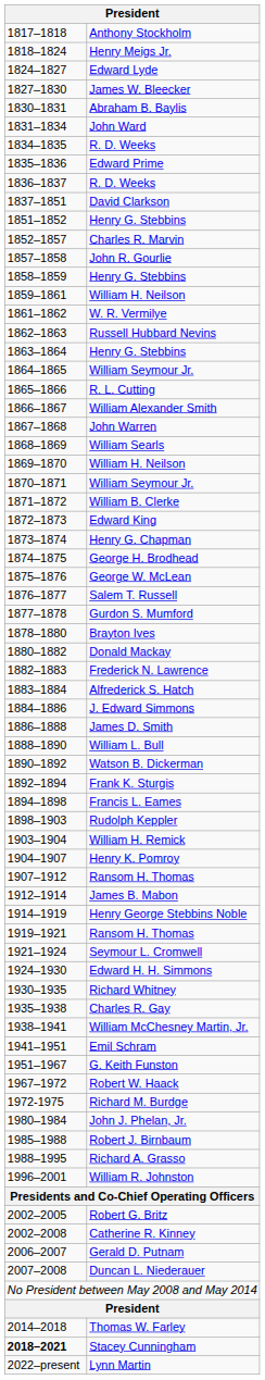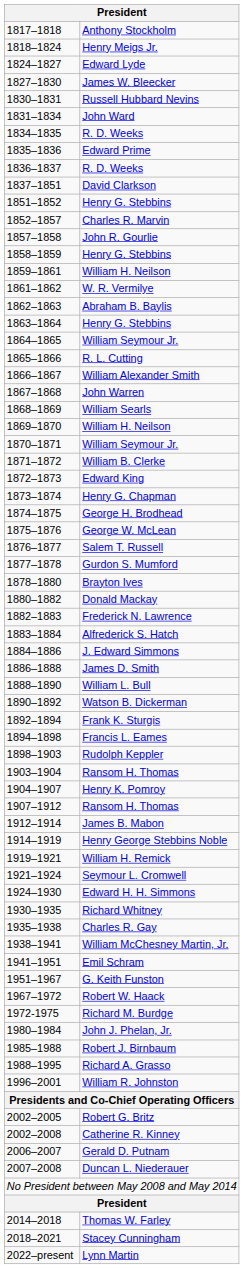 <table class="wikitable">
 <tr>
 <th colspan="2">President</th>
 </tr>
 <tr>
 <td>1817–1818</td>
 <td><a href='#'>Anthony Stockholm</a></td>
 </tr>
 <tr>
 <td>1818–1824</td>
 <td><a href='#'>Henry Meigs Jr.</a></td>
 </tr>
 <tr>
 <td>1824–1827</td>
 <td><a href='#'>Edward Lyde</a></td>
 </tr>
 <tr>
 <td>1827–1830</td>
 <td><a href='#'>James W. Bleecker</a></td>
 </tr>
 <tr>
 <td>1830–1831</td>
-<td><a href='#'>Abraham B. Baylis</a></td>
+<td><a href='#'>Russell Hubbard Nevins</a></td>
 </tr>
 <tr>
 <td>1831–1834</td>
 <td><a href='#'>John Ward</a></td>
 </tr>
 <tr>
 <td>1834–1835</td>
 <td><a href='#'>R. D. Weeks</a></td>
 </tr>
 <tr>
 <td>1835–1836</td>
 <td><a href='#'>Edward Prime</a></td>
 </tr>
 <tr>
 <td>1836–1837</td>
 <td><a href='#'>R. D. Weeks</a></td>
 </tr>
 <tr>
 <td>1837–1851</td>
 <td><a href='#'>David Clarkson</a></td>
 </tr>
 <tr>
 <td>1851–1852</td>
 <td><a href='#'>Henry G. Stebbins</a></td>
 </tr>
 <tr>
 <td>1852–1857</td>
 <td><a href='#'>Charles R. Marvin</a></td>
 </tr>
 <tr>
 <td>1857–1858</td>
 <td><a href='#'>John R. Gourlie</a></td>
 </tr>
 <tr>
 <td>1858–1859</td>
 <td><a href='#'>Henry G. Stebbins</a></td>
 </tr>
 <tr>
 <td>1859–1861</td>
 <td><a href='#'>William H. Neilson</a></td>
 </tr>
 <tr>
 <td>1861–1862</td>
 <td><a href='#'>W. R. Vermilye</a></td>
 </tr>
 <tr>
 <td>1862–1863</td>
-<td><a href='#'>Russell Hubbard Nevins</a></td>
+<td><a href='#'>Abraham B. Baylis</a></td>
 </tr>
 <tr>
 <td>1863–1864</td>
 <td><a href='#'>Henry G. Stebbins</a></td>
 </tr>
 <tr>
 <td>1864–1865</td>
 <td><a href='#'>William Seymour Jr.</a></td>
 </tr>
 <tr>
 <td>1865–1866</td>
 <td><a href='#'>R. L. Cutting</a></td>
 </tr>
 <tr>
 <td>1866–1867</td>
 <td><a href='#'>William Alexander Smith</a></td>
 </tr>
 <tr>
 <td>1867–1868</td>
 <td><a href='#'>John Warren</a></td>
 </tr>
 <tr>
 <td>1868–1869</td>
 <td><a href='#'>William Searls</a></td>
 </tr>
 <tr>
 <td>1869–1870</td>
 <td><a href='#'>William H. Neilson</a></td>
 </tr>
 <tr>
 <td>1870–1871</td>
 <td><a href='#'>William Seymour Jr.</a></td>
 </tr>
 <tr>
 <td>1871–1872</td>
 <td><a href='#'>William B. Clerke</a></td>
 </tr>
 <tr>
 <td>1872–1873</td>
 <td><a href='#'>Edward King</a></td>
 </tr>
 <tr>
 <td>1873–1874</td>
 <td><a href='#'>Henry G. Chapman</a></td>
 </tr>
 <tr>
 <td>1874–1875</td>
 <td><a href='#'>George H. Brodhead</a></td>
 </tr>
 <tr>
 <td>1875–1876</td>
 <td><a href='#'>George W. McLean</a></td>
 </tr>
 <tr>
 <td>1876–1877</td>
 <td><a href='#'>Salem T. Russell</a></td>
 </tr>
 <tr>
 <td>1877–1878</td>
 <td><a href='#'>Gurdon S. Mumford</a></td>
 </tr>
 <tr>
 <td>1878–1880</td>
 <td><a href='#'>Brayton Ives</a></td>
 </tr>
 <tr>
 <td>1880–1882</td>
 <td><a href='#'>Donald Mackay</a></td>
 </tr>
 <tr>
 <td>1882–1883</td>
 <td><a href='#'>Frederick N. Lawrence</a></td>
 </tr>
 <tr>
 <td>1883–1884</td>
 <td><a href='#'>Alfrederick S. Hatch</a></td>
 </tr>
 <tr>
 <td>1884–1886</td>
 <td><a href='#'>J. Edward Simmons</a></td>
 </tr>
 <tr>
 <td>1886–1888</td>
 <td><a href='#'>James D. Smith</a></td>
 </tr>
 <tr>
 <td>1888–1890</td>
 <td><a href='#'>William L. Bull</a></td>
 </tr>
 <tr>
 <td>1890–1892</td>
 <td><a href='#'>Watson B. Dickerman</a></td>
 </tr>
 <tr>
 <td>1892–1894</td>
 <td><a href='#'>Frank K. Sturgis</a></td>
 </tr>
 <tr>
 <td>1894–1898</td>
 <td><a href='#'>Francis L. Eames</a></td>
 </tr>
 <tr>
 <td>1898–1903</td>
 <td><a href='#'>Rudolph Keppler</a></td>
 </tr>
 <tr>
 <td>1903–1904</td>
-<td><a href='#'>William H. Remick</a></td>
+<td><a href='#'>Ransom H. Thomas</a></td>
 </tr>
 <tr>
 <td>1904–1907</td>
 <td><a href='#'>Henry K. Pomroy</a></td>
 </tr>
 <tr>
 <td>1907–1912</td>
 <td><a href='#'>Ransom H. Thomas</a></td>
 </tr>
 <tr>
 <td>1912–1914</td>
 <td><a href='#'>James B. Mabon</a></td>
 </tr>
 <tr>
 <td>1914–1919</td>
 <td><a href='#'>Henry George Stebbins Noble</a></td>
 </tr>
 <tr>
 <td>1919–1921</td>
-<td><a href='#'>Ransom H. Thomas</a></td>
+<td><a href='#'>William H. Remick</a></td>
 </tr>
 <tr>
 <td>1921–1924</td>
 <td><a href='#'>Seymour L. Cromwell</a></td>
 </tr>
 <tr>
 <td>1924–1930</td>
 <td><a href='#'>Edward H. H. Simmons</a></td>
 </tr>
 <tr>
 <td>1930–1935</td>
 <td><a href='#'>Richard Whitney</a></td>
 </tr>
 <tr>
 <td>1935–1938</td>
 <td><a href='#'>Charles R. Gay</a></td>
 </tr>
 <tr>
 <td>1938–1941</td>
 <td><a href='#'>William McChesney Martin, Jr.</a></td>
 </tr>
 <tr>
 <td>1941–1951</td>
 <td><a href='#'>Emil Schram</a></td>
 </tr>
 <tr>
 <td>1951–1967</td>
 <td><a href='#'>G. Keith Funston</a></td>
 </tr>
 <tr>
 <td>1967–1972</td>
 <td><a href='#'>Robert W. Haack</a></td>
 </tr>
 <tr>
 <td>1972-1975</td>
 <td><a href='#'>Richard M. Burdge</a></td>
 </tr>
 <tr>
 <td>1980–1984</td>
 <td><a href='#'>John J. Phelan, Jr.</a></td>
 </tr>
 <tr>
 <td>1985–1988</td>
 <td><a href='#'>Robert J. Birnbaum</a></td>
 </tr>
 <tr>
 <td>1988–1995</td>
 <td><a href='#'>Richard A. Grasso</a></td>
 </tr>
 <tr>
 <td>1996–2001</td>
 <td><a href='#'>William R. Johnston</a></td>
 </tr>
 <tr>
 <th colspan="2">Presidents and Co-Chief Operating Officers</th>
 </tr>
 <tr>
 <td>2002–2005</td>
 <td><a href='#'>Robert G. Britz</a></td>
 </tr>
 <tr>
 <td>2002–2008</td>
 <td><a href='#'>Catherine R. Kinney</a></td>
 </tr>
 <tr>
 <td>2006–2007</td>
 <td><a href='#'>Gerald D. Putnam</a></td>
 </tr>
 <tr>
 <td>2007–2008</td>
 <td><a href='#'>Duncan L. Niederauer</a></td>
 </tr>
 <tr>
 <td colspan="2"><em>No President between May 2008 and May 2014</em></td>
 </tr>
 <tr>
 <th colspan="2">President</th>
 </tr>
 <tr>
 <td>2014–2018</td>
 <td><a href='#'>Thomas W. Farley</a></td>
 </tr>
 <tr>
-<td><strong>2018–2021</strong></td>
+<td>2018–2021</td>
 <td><a href='#'>Stacey Cunningham</a></td>
 </tr>
 <tr>
 <td>2022–present</td>
 <td><a href='#'>Lynn Martin</a></td>
 </tr>
 </table>
